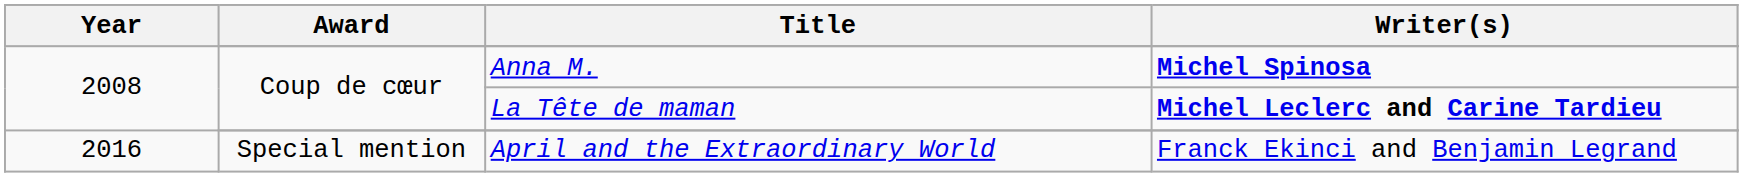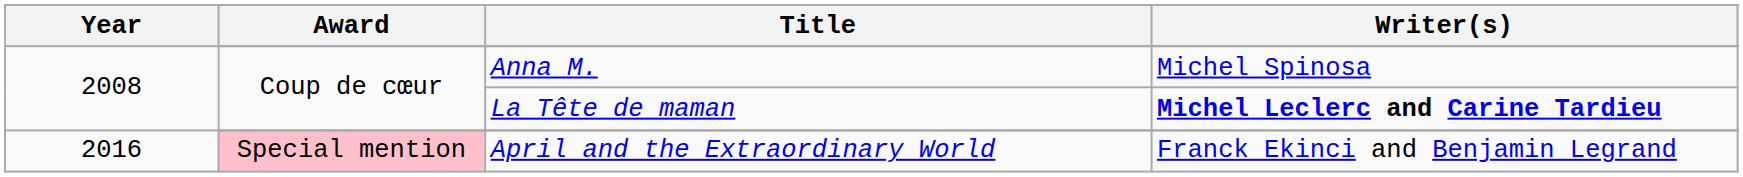 <table class="wikitable" style="width:70%;" cellpadding="5">
 <tr style="background:#bebebe;">
 <th style="width:8%;">Year</th>
 <th style="width:10%;">Award</th>
 <th style="width:25%;">Title</th>
 <th style="width:22%;">Writer(s)</th>
 </tr>
 <tr>
 <td rowspan="3" style="text-align:center;">2008</td>
 </tr>
 <tr>
 <td style="text-align:center;" rowspan="2">Coup de cœur</td>
 <td><em><a href='#'>Anna M.</a></em></td>
-<td><strong><a href='#'>Michel Spinosa</a></strong></td>
+<td><a href='#'>Michel Spinosa</a></td>
 </tr>
 <tr>
 <td><em><a href='#'>La Tête de maman</a></em></td>
 <td><strong><a href='#'>Michel Leclerc</a> and <a href='#'>Carine Tardieu</a></strong></td>
 </tr>
 <tr>
 <td rowspan="2" style="text-align:center;">2016</td>
 </tr>
 <tr>
-<td style="text-align:center;">Special mention</td>
+<td style="background: pink; text-align:center;">Special mention</td>
 <td><em><a href='#'>April and the Extraordinary World</a></em></td>
 <td><a href='#'>Franck Ekinci</a> and <a href='#'>Benjamin Legrand</a></td>
 </tr>
 </table>
